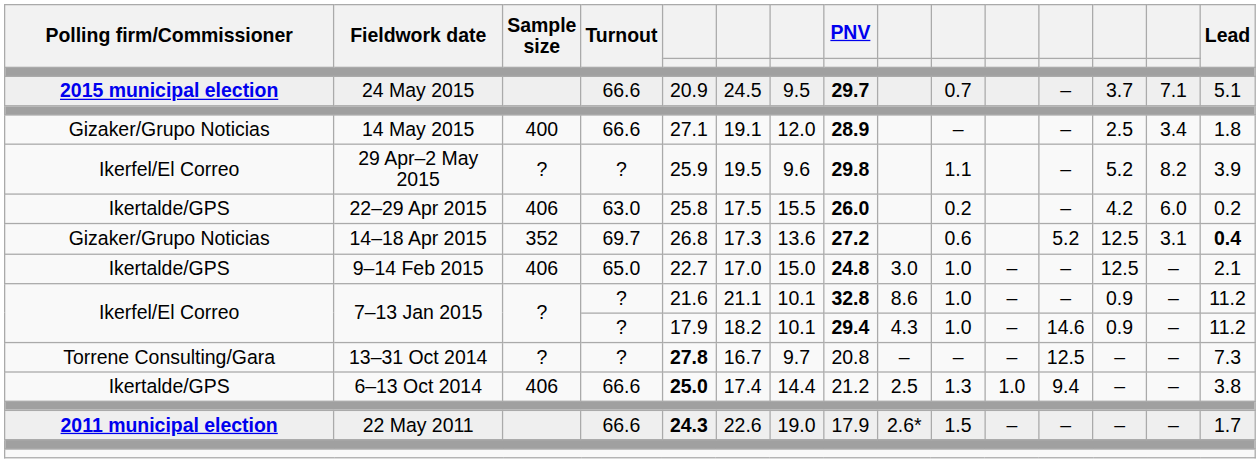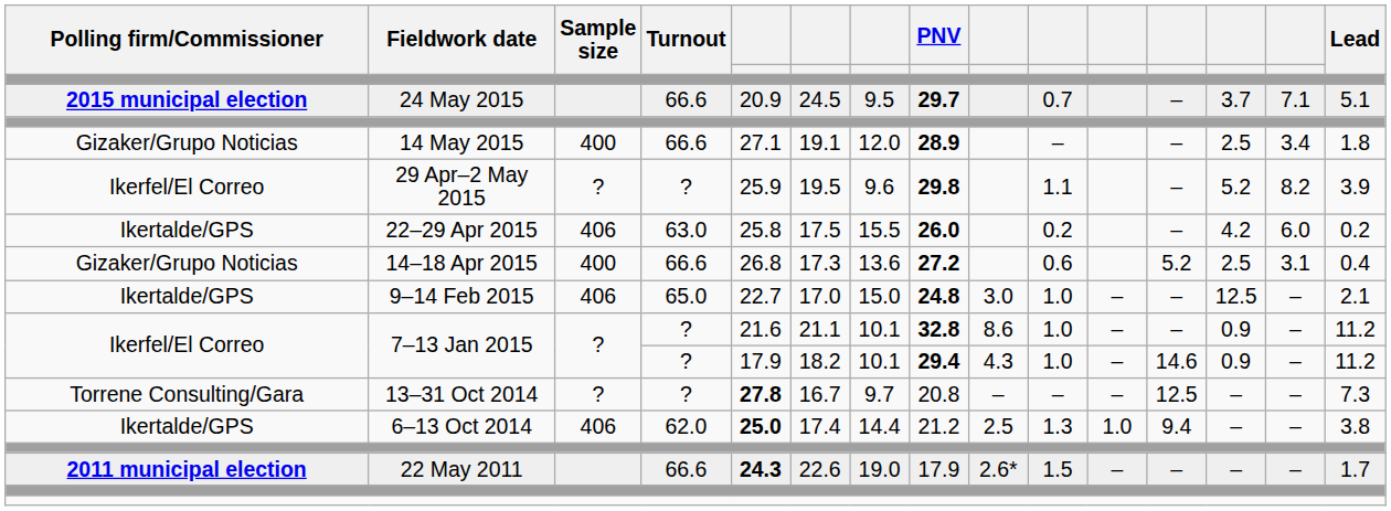 <table class="wikitable collapsible collapsed" style="text-align:center; font-size:95%; line-height:16px;">
 <tr style="height:42px;">
 <th style="width:250px;" rowspan="2">Polling firm/Commissioner</th>
 <th style="width:125px;" rowspan="2">Fieldwork date</th>
 <th style="width:50px;" rowspan="2">Sample size</th>
 <th style="width:45px;" rowspan="2">Turnout</th>
 <th style="width:35px;"></th>
 <th style="width:35px;"></th>
 <th style="width:35px;"></th>
 <th style="width:35px;"><a href='#'>PNV</a></th>
 <th style="width:35px;"></th>
 <th style="width:35px;"></th>
 <th style="width:35px;"></th>
 <th style="width:35px;"></th>
 <th style="width:35px;"></th>
 <th style="width:35px;"></th>
 <th style="width:30px;" rowspan="2">Lead</th>
 </tr>
 <tr>
 <th style="color:inherit;background:"></th>
 <th style="color:inherit;background:"></th>
 <th style="color:inherit;background:"></th>
 <th style="color:inherit;background:"></th>
 <th style="color:inherit;background:"></th>
 <th style="color:inherit;background:"></th>
 <th style="color:inherit;background:"></th>
 <th style="color:inherit;background:"></th>
 <th style="color:inherit;background:"></th>
 <th style="color:inherit;background:"></th>
 </tr>
 <tr>
 <td colspan="15" style="background:#A0A0A0"></td>
 </tr>
 <tr style="background:#EFEFEF;">
 <td><strong><a href='#'>2015 municipal election</a></strong></td>
 <td>24 May 2015</td>
 <td></td>
 <td>66.6</td>
 <td>20.9<br></td>
 <td>24.5<br></td>
 <td>9.5<br></td>
 <td><strong>29.7</strong><br></td>
 <td></td>
 <td>0.7<br></td>
 <td></td>
 <td>–</td>
 <td>3.7<br></td>
 <td>7.1<br></td>
 <td style="background:">5.1</td>
 </tr>
 <tr>
 <td colspan="15" style="background:#A0A0A0"></td>
 </tr>
 <tr>
 <td>Gizaker/Grupo Noticias</td>
 <td>14 May 2015</td>
 <td>400</td>
 <td>66.6</td>
 <td>27.1<br></td>
 <td>19.1<br></td>
 <td>12.0<br></td>
 <td><strong>28.9</strong><br></td>
 <td></td>
 <td>–</td>
 <td></td>
 <td>–</td>
 <td>2.5<br></td>
 <td>3.4<br></td>
 <td style="background:">1.8</td>
 </tr>
 <tr>
 <td>Ikerfel/El Correo</td>
 <td>29 Apr–2 May 2015</td>
 <td>?</td>
 <td>?</td>
 <td>25.9<br></td>
 <td>19.5<br></td>
 <td>9.6<br></td>
 <td><strong>29.8</strong><br></td>
 <td></td>
 <td>1.1<br></td>
 <td></td>
 <td>–</td>
 <td>5.2<br></td>
 <td>8.2<br></td>
 <td style="background:">3.9</td>
 </tr>
 <tr>
 <td>Ikertalde/GPS</td>
 <td>22–29 Apr 2015</td>
 <td>406</td>
 <td>63.0</td>
 <td>25.8<br></td>
 <td>17.5<br></td>
 <td>15.5<br></td>
 <td><strong>26.0</strong><br></td>
 <td></td>
 <td>0.2<br></td>
 <td></td>
 <td>–</td>
 <td>4.2<br></td>
 <td>6.0<br></td>
 <td style="background:">0.2</td>
 </tr>
 <tr>
 <td>Gizaker/Grupo Noticias</td>
 <td>14–18 Apr 2015</td>
-<td>352</td>
-<td>69.7</td>
+<td>400</td>
+<td>66.6</td>
 <td>26.8<br></td>
 <td>17.3<br></td>
 <td>13.6<br></td>
 <td><strong>27.2</strong><br></td>
 <td></td>
 <td>0.6<br></td>
 <td></td>
 <td>5.2<br></td>
-<td>12.5<br></td>
+<td>2.5<br></td>
 <td>3.1<br></td>
-<td style="background:"><strong>0.4</strong></td>
+<td style="background:">0.4</td>
 </tr>
 <tr>
 <td>Ikertalde/GPS</td>
 <td>9–14 Feb 2015</td>
 <td>406</td>
 <td>65.0</td>
 <td>22.7<br></td>
 <td>17.0<br></td>
 <td>15.0<br></td>
 <td><strong>24.8</strong><br></td>
 <td>3.0<br></td>
 <td>1.0<br></td>
 <td>–</td>
 <td>–</td>
 <td>12.5<br></td>
 <td>–</td>
 <td style="background:">2.1</td>
 </tr>
 <tr>
 <td rowspan="2">Ikerfel/El Correo</td>
 <td rowspan="2">7–13 Jan 2015</td>
 <td rowspan="2">?</td>
 <td>?</td>
 <td>21.6<br></td>
 <td>21.1<br></td>
 <td>10.1<br></td>
 <td><strong>32.8</strong><br></td>
 <td>8.6<br></td>
 <td>1.0<br></td>
 <td>–</td>
 <td>–</td>
 <td>0.9<br></td>
 <td>–</td>
 <td style="background:">11.2</td>
 </tr>
 <tr>
 <td>?</td>
 <td>17.9<br></td>
 <td>18.2<br></td>
 <td>10.1<br></td>
 <td><strong>29.4</strong><br></td>
 <td>4.3<br></td>
 <td>1.0<br></td>
 <td>–</td>
 <td>14.6<br></td>
 <td>0.9<br></td>
 <td>–</td>
 <td style="background:">11.2</td>
 </tr>
 <tr>
 <td>Torrene Consulting/Gara</td>
 <td>13–31 Oct 2014</td>
 <td>?</td>
 <td>?</td>
 <td><strong>27.8</strong><br></td>
 <td>16.7<br></td>
 <td>9.7<br></td>
 <td>20.8<br></td>
 <td>–</td>
 <td>–</td>
 <td>–</td>
 <td>12.5<br></td>
 <td>–</td>
 <td>–</td>
 <td style="background:">7.3</td>
 </tr>
 <tr>
 <td>Ikertalde/GPS</td>
 <td>6–13 Oct 2014</td>
 <td>406</td>
-<td>66.6</td>
+<td>62.0</td>
 <td><strong>25.0</strong><br></td>
 <td>17.4<br></td>
 <td>14.4<br></td>
 <td>21.2<br></td>
 <td>2.5<br></td>
 <td>1.3<br></td>
 <td>1.0<br></td>
 <td>9.4<br></td>
 <td>–</td>
 <td>–</td>
 <td style="background:">3.8</td>
 </tr>
 <tr>
 <td colspan="15" style="background:#A0A0A0"></td>
 </tr>
 <tr style="background:#EFEFEF;">
 <td><strong><a href='#'>2011 municipal election</a></strong></td>
 <td>22 May 2011</td>
 <td></td>
 <td>66.6</td>
 <td><strong>24.3</strong><br></td>
 <td>22.6<br></td>
 <td>19.0<br></td>
 <td>17.9<br></td>
 <td>2.6*<br></td>
 <td>1.5<br></td>
 <td>–</td>
 <td>–</td>
 <td>–</td>
 <td>–</td>
 <td style="background:">1.7</td>
 </tr>
 <tr>
 <td colspan="15" style="background:#A0A0A0"></td>
 </tr>
 <tr>
 <td align="left" colspan="15"></td>
 </tr>
 </table>
